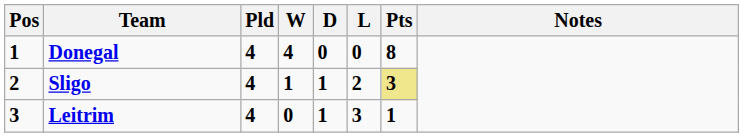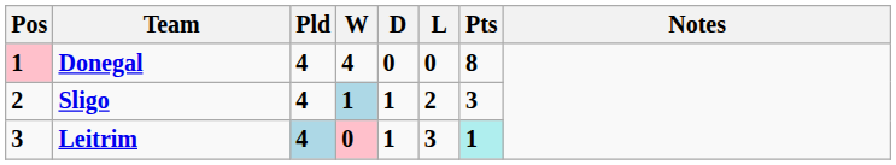 <table class="wikitable" style="text-align: centre;">
 <tr>
 <th width=20>Pos</th>
 <th width=150>Team</th>
 <th width=20>Pld</th>
 <th width=20>W</th>
 <th width=20>D</th>
 <th width=20>L</th>
 <th width=20>Pts</th>
 <th width=250>Notes</th>
 </tr>
 <tr style>
-<td><strong>1</strong></td>
+<td style="background: pink;"><strong>1</strong></td>
 <td align=left><strong> <a href='#'>Donegal</a> </strong></td>
 <td><strong>4</strong></td>
 <td><strong>4</strong></td>
 <td><strong>0</strong></td>
 <td><strong>0</strong></td>
 <td><strong>8</strong></td>
 </tr>
 <tr>
 <td><strong>2</strong></td>
 <td align=left><strong> <a href='#'>Sligo</a> </strong></td>
 <td><strong>4</strong></td>
-<td><strong>1</strong></td>
+<td style="background: lightblue;"><strong>1</strong></td>
 <td><strong>1</strong></td>
 <td><strong>2</strong></td>
-<td style="background: khaki;"><strong>3</strong></td>
+<td><strong>3</strong></td>
 </tr>
 <tr>
 <td><strong>3</strong></td>
 <td align=left><strong> <a href='#'>Leitrim</a> </strong></td>
-<td><strong>4</strong></td>
-<td><strong>0</strong></td>
+<td style="background: lightblue;"><strong>4</strong></td>
+<td style="background: pink;"><strong>0</strong></td>
 <td><strong>1</strong></td>
 <td><strong>3</strong></td>
-<td><strong>1</strong></td>
+<td style="background: paleturquoise;"><strong>1</strong></td>
 </tr>
 </table>
